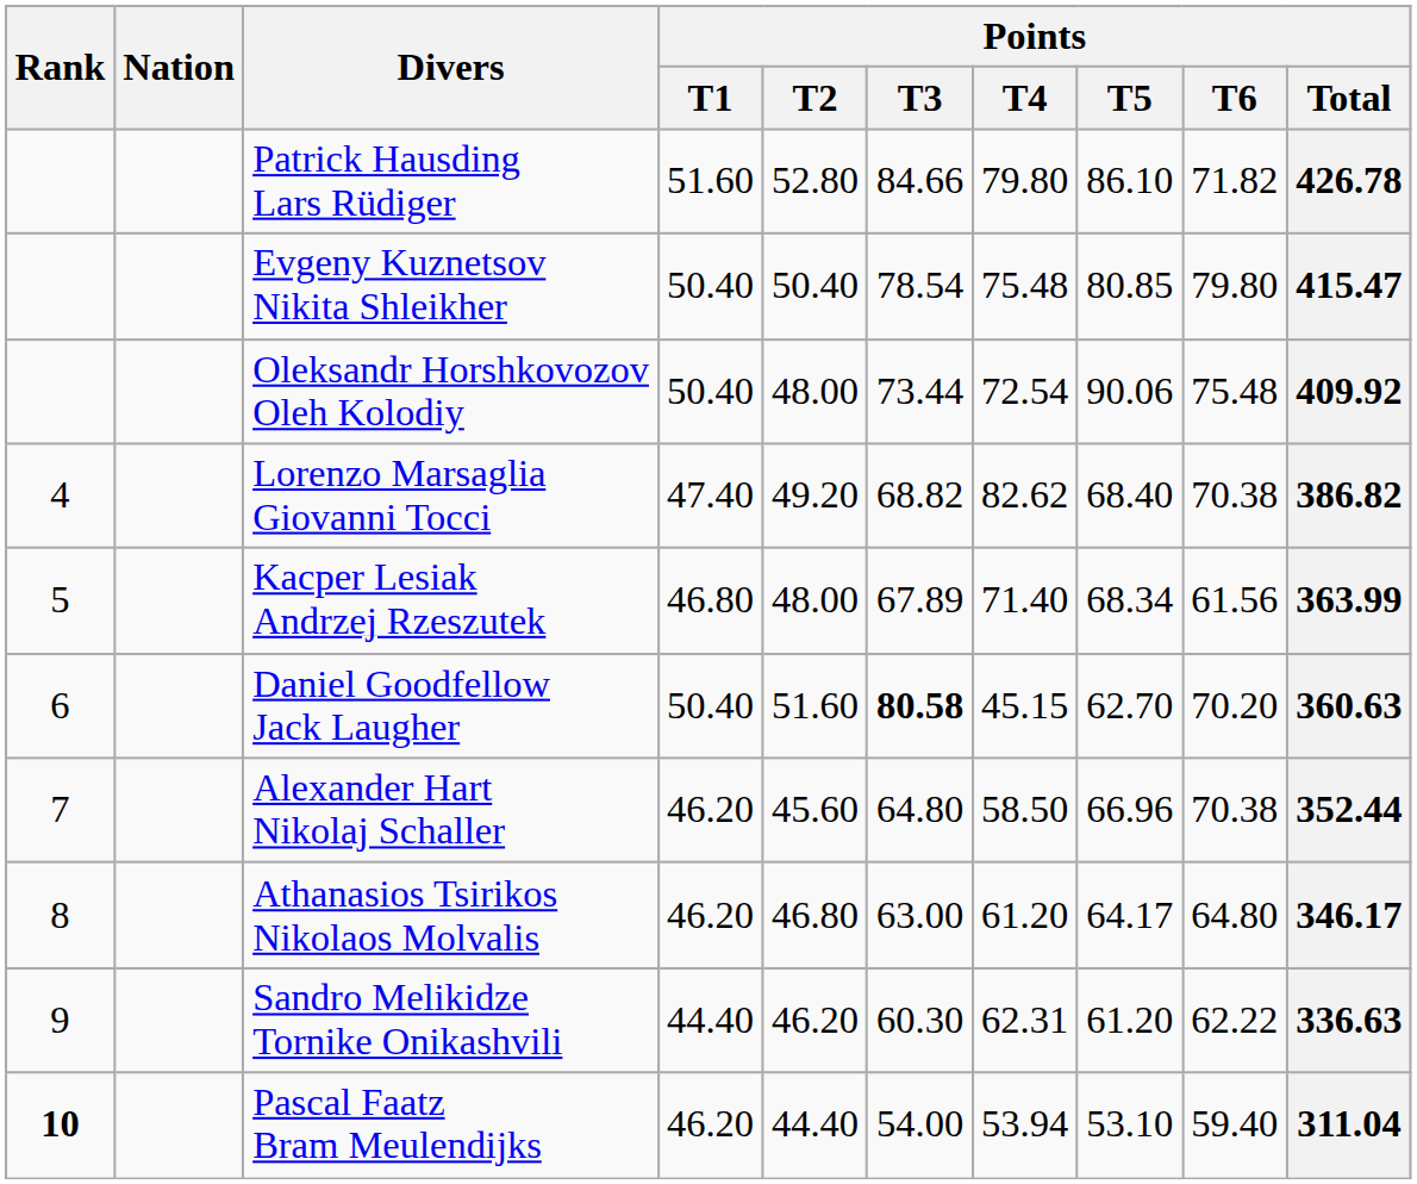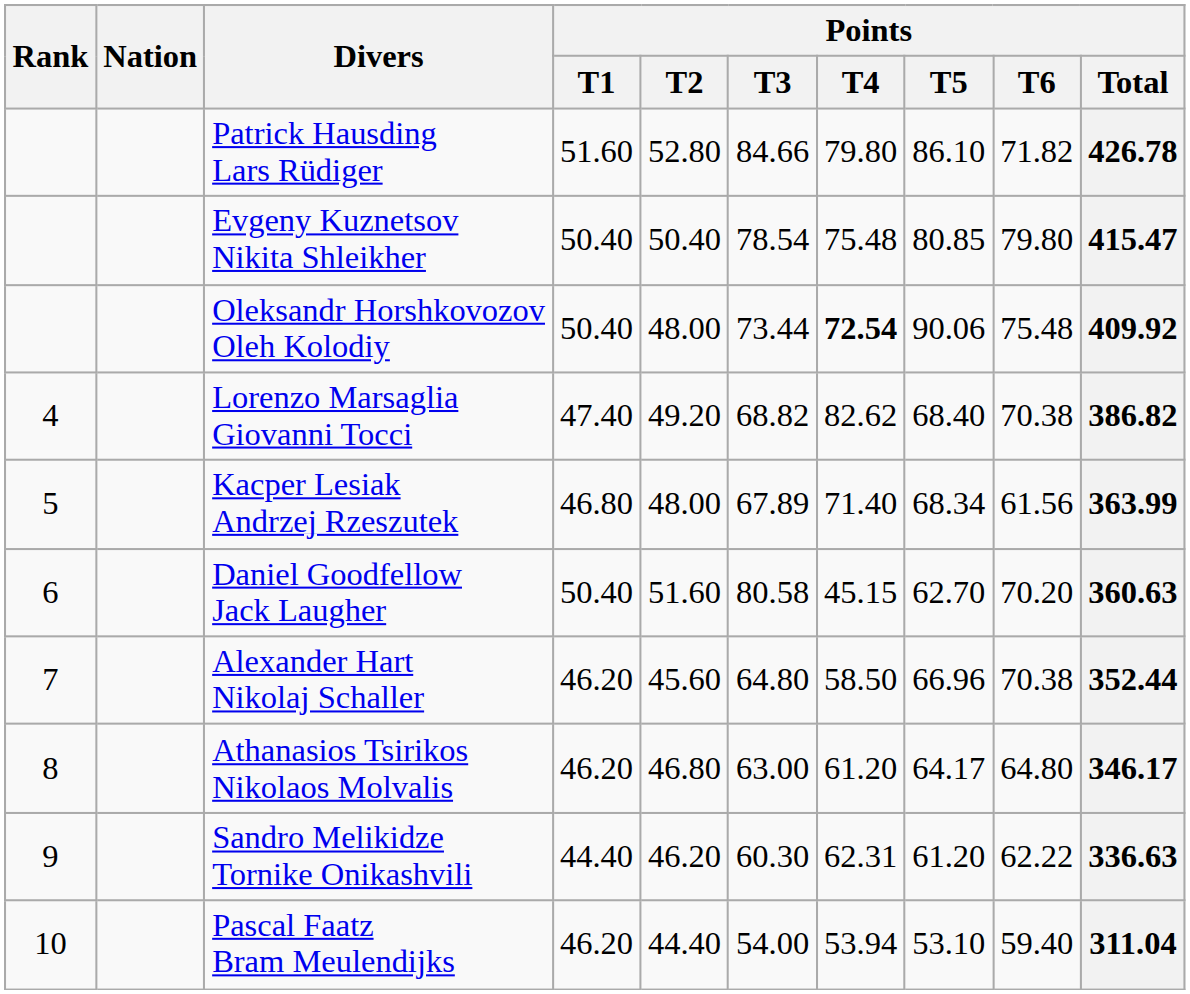 <table class="wikitable" style="text-align:center">
 <tr>
 <th rowspan=2>Rank</th>
 <th rowspan=2>Nation</th>
 <th rowspan=2>Divers</th>
 <th colspan=7>Points</th>
 </tr>
 <tr>
 <th>T1</th>
 <th>T2</th>
 <th>T3</th>
 <th>T4</th>
 <th>T5</th>
 <th>T6</th>
 <th>Total</th>
 </tr>
 <tr>
 <td></td>
 <td align=left></td>
 <td align=left><a href='#'>Patrick Hausding</a><br><a href='#'>Lars Rüdiger</a></td>
 <td>51.60</td>
 <td>52.80</td>
 <td>84.66</td>
 <td>79.80</td>
 <td>86.10</td>
 <td>71.82</td>
 <th>426.78</th>
 </tr>
 <tr>
 <td></td>
 <td align=left></td>
 <td align=left><a href='#'>Evgeny Kuznetsov</a><br><a href='#'>Nikita Shleikher</a></td>
 <td>50.40</td>
 <td>50.40</td>
 <td>78.54</td>
 <td>75.48</td>
 <td>80.85</td>
 <td>79.80</td>
 <th>415.47</th>
 </tr>
 <tr>
 <td></td>
 <td align=left></td>
 <td align=left><a href='#'>Oleksandr Horshkovozov</a><br><a href='#'>Oleh Kolodiy</a></td>
 <td>50.40</td>
 <td>48.00</td>
 <td>73.44</td>
-<td>72.54</td>
+<td><strong>72.54</strong></td>
 <td>90.06</td>
 <td>75.48</td>
 <th>409.92</th>
 </tr>
 <tr>
 <td>4</td>
 <td align=left></td>
 <td align=left><a href='#'>Lorenzo Marsaglia</a><br><a href='#'>Giovanni Tocci</a></td>
 <td>47.40</td>
 <td>49.20</td>
 <td>68.82</td>
 <td>82.62</td>
 <td>68.40</td>
 <td>70.38</td>
 <th>386.82</th>
 </tr>
 <tr>
 <td>5</td>
 <td align=left></td>
 <td align=left><a href='#'>Kacper Lesiak</a><br><a href='#'>Andrzej Rzeszutek</a></td>
 <td>46.80</td>
 <td>48.00</td>
 <td>67.89</td>
 <td>71.40</td>
 <td>68.34</td>
 <td>61.56</td>
 <th>363.99</th>
 </tr>
 <tr>
 <td>6</td>
 <td align=left></td>
 <td align=left><a href='#'>Daniel Goodfellow</a><br><a href='#'>Jack Laugher</a></td>
 <td>50.40</td>
 <td>51.60</td>
-<td><strong>80.58</strong></td>
+<td>80.58</td>
 <td>45.15</td>
 <td>62.70</td>
 <td>70.20</td>
 <th>360.63</th>
 </tr>
 <tr>
 <td>7</td>
 <td align=left></td>
 <td align=left><a href='#'>Alexander Hart</a><br><a href='#'>Nikolaj Schaller</a></td>
 <td>46.20</td>
 <td>45.60</td>
 <td>64.80</td>
 <td>58.50</td>
 <td>66.96</td>
 <td>70.38</td>
 <th>352.44</th>
 </tr>
 <tr>
 <td>8</td>
 <td align=left></td>
 <td align=left><a href='#'>Athanasios Tsirikos</a><br><a href='#'>Nikolaos Molvalis</a></td>
 <td>46.20</td>
 <td>46.80</td>
 <td>63.00</td>
 <td>61.20</td>
 <td>64.17</td>
 <td>64.80</td>
 <th>346.17</th>
 </tr>
 <tr>
 <td>9</td>
 <td align=left></td>
 <td align=left><a href='#'>Sandro Melikidze</a><br><a href='#'>Tornike Onikashvili</a></td>
 <td>44.40</td>
 <td>46.20</td>
 <td>60.30</td>
 <td>62.31</td>
 <td>61.20</td>
 <td>62.22</td>
 <th>336.63</th>
 </tr>
 <tr>
-<td><strong>10</strong></td>
+<td>10</td>
 <td align=left></td>
 <td align=left><a href='#'>Pascal Faatz</a><br><a href='#'>Bram Meulendijks</a></td>
 <td>46.20</td>
 <td>44.40</td>
 <td>54.00</td>
 <td>53.94</td>
 <td>53.10</td>
 <td>59.40</td>
 <th>311.04</th>
 </tr>
 </table>
